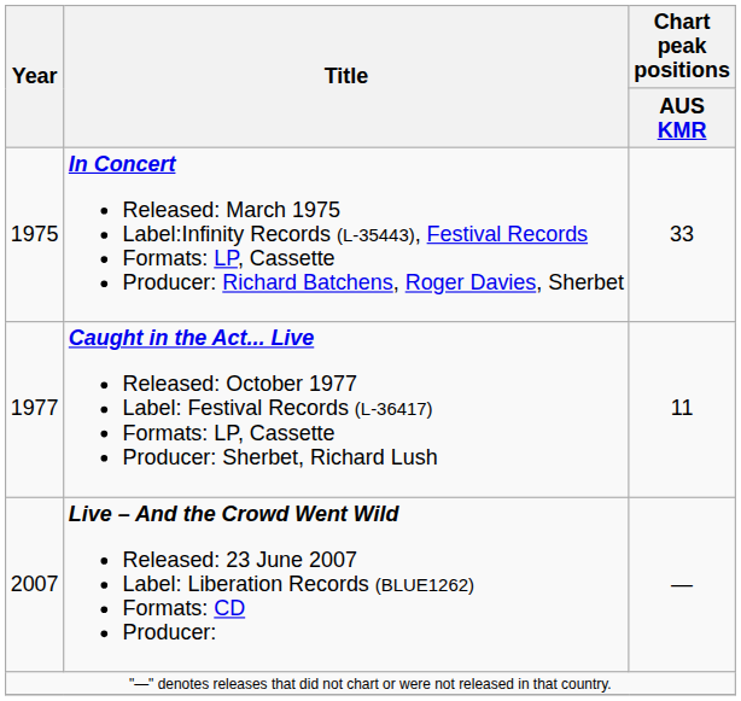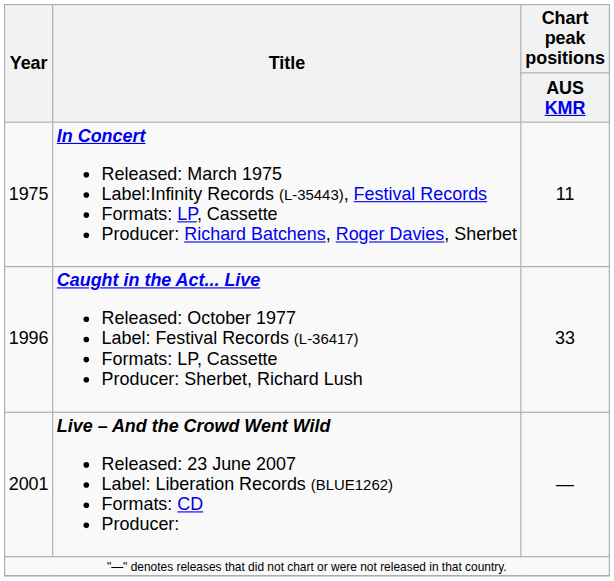 <table class="wikitable">
 <tr>
 <th rowspan="2">Year</th>
 <th rowspan="2">Title</th>
 <th colspan="1">Chart peak positions</th>
 </tr>
 <tr>
 <th style="width:4em">AUS<br><a href='#'>KMR</a><br></th>
 </tr>
 <tr>
 <td align="center">1975</td>
 <td><strong><em><a href='#'>In Concert</a></em></strong><br><ul><li>Released: March 1975</li><li>Label:Infinity Records <small>(L-35443)</small>, <a href='#'>Festival Records</a></li><li>Formats: <a href='#'>LP</a>, Cassette</li><li>Producer: <a href='#'>Richard Batchens</a>, <a href='#'>Roger Davies</a>, Sherbet</li></ul></td>
+<td align="center">11</td>
+</tr>
+<tr>
+<td align="center">1996</td>
+<td><strong><em><a href='#'>Caught in the Act... Live</a></em></strong><br><ul><li>Released: October 1977</li><li>Label: Festival Records <small>(L-36417)</small></li><li>Formats: LP, Cassette</li><li>Producer: Sherbet, Richard Lush</li></ul></td>
 <td align="center">33</td>
 </tr>
 <tr>
-<td align="center">1977</td>
-<td><strong><em><a href='#'>Caught in the Act... Live</a></em></strong><br><ul><li>Released: October 1977</li><li>Label: Festival Records <small>(L-36417)</small></li><li>Formats: LP, Cassette</li><li>Producer: Sherbet, Richard Lush</li></ul></td>
-<td align="center">11</td>
-</tr>
-<tr>
-<td align="center">2007</td>
+<td align="center">2001</td>
 <td><strong><em>Live – And the Crowd Went Wild</em></strong><br><ul><li>Released: 23 June 2007</li><li>Label: Liberation Records <small>(BLUE1262)</small></li><li>Formats: <a href='#'>CD</a></li><li>Producer:</li></ul></td>
 <td align="center">—</td>
 </tr>
 <tr>
 <td align="center" colspan="4" style="font-size: 8pt">"—" denotes releases that did not chart or were not released in that country.</td>
 </tr>
 <tr>
 </tr>
 </table>
